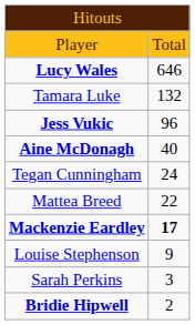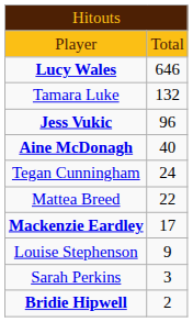 <table class="wikitable" style="text-align:center;">
 <tr>
 <td colspan="2" style="text-align:center; background: #4D2004; color: #FBBF15">Hitouts</td>
 </tr>
 <tr>
 <td style="text-align:center; background: #FBBF15; color: #4D2004">Player</td>
 <td style="text-align:center; background: #FBBF15; color: #4D2004">Total</td>
 </tr>
 <tr>
 <td><strong><a href='#'>Lucy Wales</a></strong></td>
 <td>646</td>
 </tr>
 <tr>
 <td><a href='#'>Tamara Luke</a></td>
 <td>132</td>
 </tr>
 <tr>
 <td><strong><a href='#'>Jess Vukic</a></strong></td>
 <td>96</td>
 </tr>
 <tr>
 <td><strong><a href='#'>Aine McDonagh</a></strong></td>
 <td>40</td>
 </tr>
 <tr>
 <td><a href='#'>Tegan Cunningham</a></td>
 <td>24</td>
 </tr>
 <tr>
 <td><a href='#'>Mattea Breed</a></td>
 <td>22</td>
 </tr>
 <tr>
 <td><strong><a href='#'>Mackenzie Eardley</a></strong></td>
-<td><strong>17</strong></td>
+<td>17</td>
 </tr>
 <tr>
 <td><a href='#'>Louise Stephenson</a></td>
 <td>9</td>
 </tr>
 <tr>
 <td><a href='#'>Sarah Perkins</a></td>
 <td>3</td>
 </tr>
 <tr>
 <td><strong><a href='#'>Bridie Hipwell</a></strong></td>
 <td>2</td>
 </tr>
 </table>
